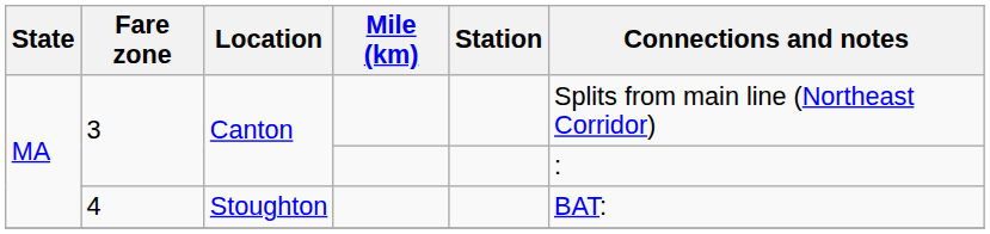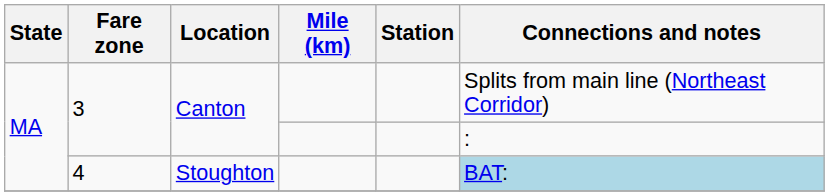 <table class="wikitable">
 <tr>
 <th>State</th>
 <th>Fare zone</th>
 <th>Location</th>
 <th><a href='#'>Mile (km)</a></th>
 <th>Station</th>
 <th>Connections and notes</th>
 </tr>
 <tr>
 <td rowspan=3><a href='#'>MA</a></td>
 <td rowspan="2">3</td>
 <td rowspan="2"><a href='#'>Canton</a></td>
 <td></td>
 <td> </td>
 <td>Splits from main line (<a href='#'>Northeast Corridor</a>)</td>
 </tr>
 <tr>
 <td></td>
 <td> </td>
 <td>: </td>
 </tr>
 <tr>
 <td>4</td>
 <td><a href='#'>Stoughton</a></td>
 <td></td>
 <td> </td>
-<td> <a href='#'>BAT</a>: </td>
+<td style="background: lightblue;"> <a href='#'>BAT</a>: </td>
 </tr>
 <tr>
 </tr>
 </table>
